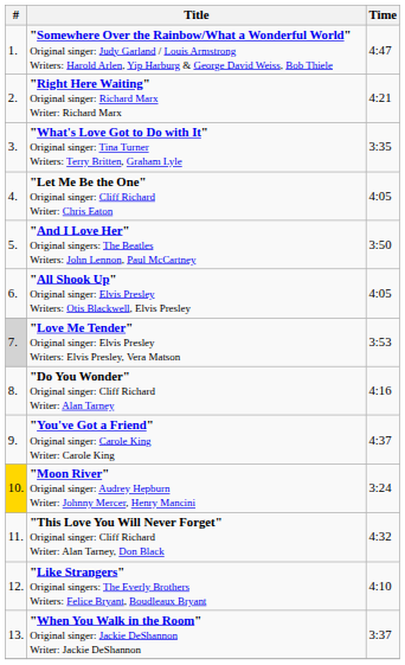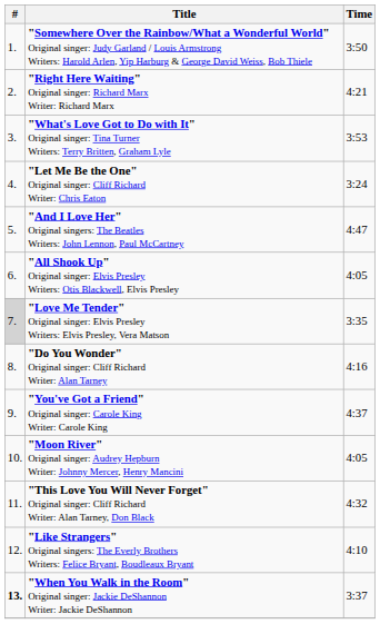 <table class="wikitable">
 <tr>
 <th>#</th>
 <th width="420">Title</th>
 <th>Time</th>
 </tr>
 <tr>
 <td>1.</td>
 <td><strong>"<a href='#'>Somewhere Over the Rainbow/What a Wonderful World</a>"</strong><br><small>Original singer: <a href='#'>Judy Garland</a> / <a href='#'>Louis Armstrong</a></small><br><small>Writers: <a href='#'>Harold Arlen</a>, <a href='#'>Yip Harburg</a> & <a href='#'>George David Weiss</a>, <a href='#'>Bob Thiele</a></small></td>
-<td>4:47</td>
+<td>3:50</td>
 </tr>
 <tr>
 <td>2.</td>
 <td><strong>"<a href='#'>Right Here Waiting</a>"</strong><br><small>Original singer: <a href='#'>Richard Marx</a></small><br><small>Writer: Richard Marx</small></td>
 <td>4:21</td>
 </tr>
 <tr>
 <td>3.</td>
 <td><strong>"<a href='#'>What's Love Got to Do with It</a>"</strong><br><small>Original singer: <a href='#'>Tina Turner</a></small><br><small>Writers: <a href='#'>Terry Britten</a>, <a href='#'>Graham Lyle</a></small></td>
-<td>3:35</td>
+<td>3:53</td>
 </tr>
 <tr>
 <td>4.</td>
 <td><strong>"Let Me Be the One"</strong><br><small>Original singer: <a href='#'>Cliff Richard</a></small><br><small>Writer: <a href='#'>Chris Eaton</a></small></td>
-<td>4:05</td>
+<td>3:24</td>
 </tr>
 <tr>
 <td>5.</td>
 <td><strong>"<a href='#'>And I Love Her</a>"</strong><br><small>Original singers: <a href='#'>The Beatles</a></small><br><small>Writers: <a href='#'>John Lennon</a>, <a href='#'>Paul McCartney</a></small></td>
-<td>3:50</td>
+<td>4:47</td>
 </tr>
 <tr>
 <td>6.</td>
 <td><strong>"<a href='#'>All Shook Up</a>"</strong><br><small>Original singer: <a href='#'>Elvis Presley</a></small><br><small>Writers: <a href='#'>Otis Blackwell</a>, Elvis Presley</small></td>
 <td>4:05</td>
 </tr>
 <tr>
 <td style="background: lightgrey;">7.</td>
 <td><strong>"<a href='#'>Love Me Tender</a>"</strong><br><small>Original singer: Elvis Presley</small><br><small>Writers: Elvis Presley, Vera Matson</small></td>
-<td>3:53</td>
+<td>3:35</td>
 </tr>
 <tr>
 <td>8.</td>
 <td><strong>"Do You Wonder"</strong><br><small>Original singer: Cliff Richard</small><br><small>Writer: <a href='#'>Alan Tarney</a></small></td>
 <td>4:16</td>
 </tr>
 <tr>
 <td>9.</td>
 <td><strong>"<a href='#'>You've Got a Friend</a>"</strong><br><small>Original singer: <a href='#'>Carole King</a></small><br><small>Writer: Carole King</small></td>
 <td>4:37</td>
 </tr>
 <tr>
-<td style="background: gold;">10.</td>
+<td>10.</td>
 <td><strong>"<a href='#'>Moon River</a>"</strong> <br><small>Original singer: <a href='#'>Audrey Hepburn</a></small><br><small>Writer: <a href='#'>Johnny Mercer</a>, <a href='#'>Henry Mancini</a></small></td>
-<td>3:24</td>
+<td>4:05</td>
 </tr>
 <tr>
 <td>11.</td>
 <td><strong>"This Love You Will Never Forget"</strong><br><small>Original singer: Cliff Richard</small><br><small>Writer: Alan Tarney, <a href='#'>Don Black</a></small></td>
 <td>4:32</td>
 </tr>
 <tr>
 <td>12.</td>
 <td><strong>"<a href='#'>Like Strangers</a>"</strong><br><small>Original singers: <a href='#'>The Everly Brothers</a></small><br><small>Writers: <a href='#'>Felice Bryant</a>, <a href='#'>Boudleaux Bryant</a></small></td>
 <td>4:10</td>
 </tr>
 <tr>
-<td>13.</td>
+<td><strong>13.</strong></td>
 <td><strong>"<a href='#'>When You Walk in the Room</a>"</strong><br><small>Original singer: <a href='#'>Jackie DeShannon</a></small><br><small>Writer: Jackie DeShannon</small></td>
 <td>3:37</td>
 </tr>
 <tr>
 </tr>
 </table>
